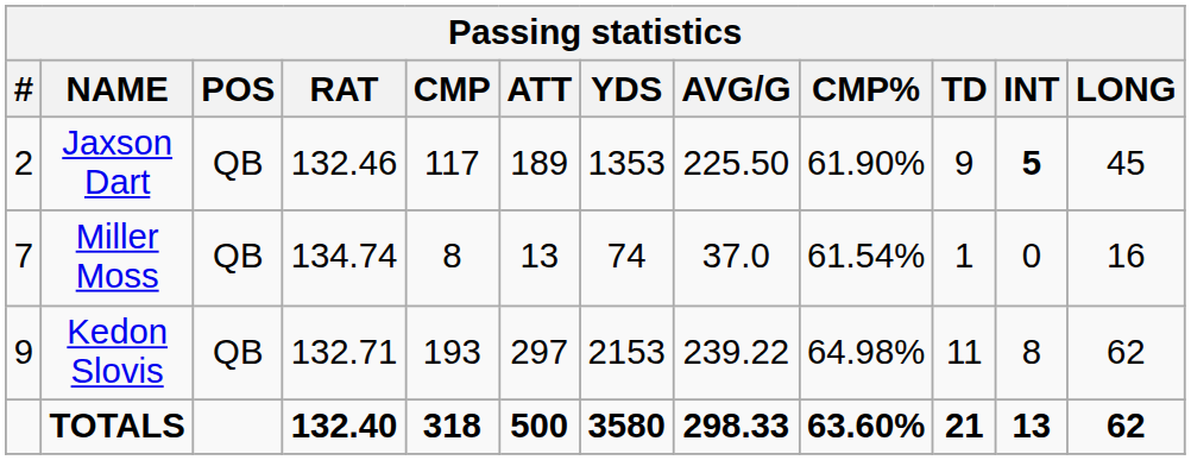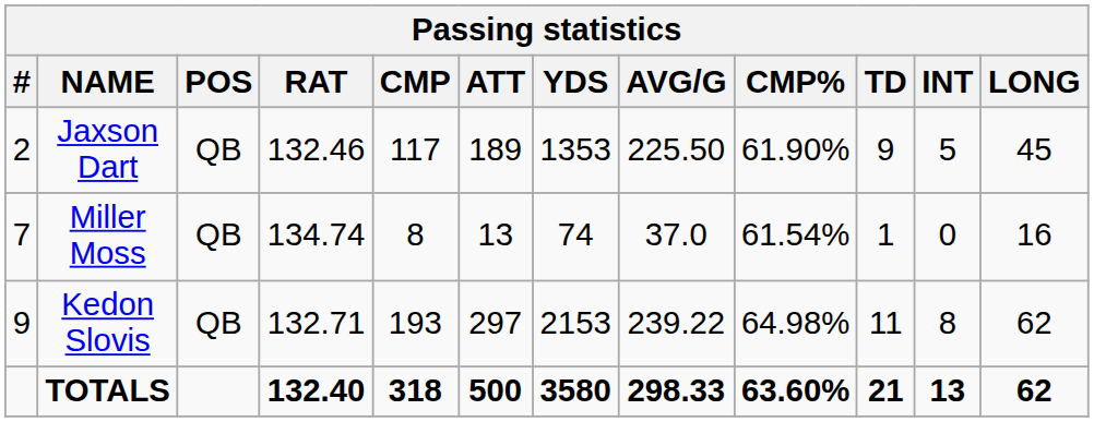 <table style="width:60%; text-align:center;" class="wikitable collapsible collapsed">
 <tr>
 <th colspan="12">Passing statistics</th>
 </tr>
 <tr>
 <th>#</th>
 <th>NAME</th>
 <th>POS</th>
 <th>RAT</th>
 <th>CMP</th>
 <th>ATT</th>
 <th>YDS</th>
 <th>AVG/G</th>
 <th>CMP%</th>
 <th>TD</th>
 <th>INT</th>
 <th>LONG</th>
 </tr>
 <tr>
 <td>2</td>
 <td><a href='#'>Jaxson Dart</a></td>
 <td>QB</td>
 <td>132.46</td>
 <td>117</td>
 <td>189</td>
 <td>1353</td>
 <td>225.50</td>
 <td>61.90%</td>
 <td>9</td>
-<td><strong>5</strong></td>
+<td>5</td>
 <td>45</td>
 </tr>
 <tr>
 <td>7</td>
 <td><a href='#'>Miller Moss</a></td>
 <td>QB</td>
 <td>134.74</td>
 <td>8</td>
 <td>13</td>
 <td>74</td>
 <td>37.0</td>
 <td>61.54%</td>
 <td>1</td>
 <td>0</td>
 <td>16</td>
 </tr>
 <tr>
 <td>9</td>
 <td><a href='#'>Kedon Slovis</a></td>
 <td>QB</td>
 <td>132.71</td>
 <td>193</td>
 <td>297</td>
 <td>2153</td>
 <td>239.22</td>
 <td>64.98%</td>
 <td>11</td>
 <td>8</td>
 <td>62</td>
 </tr>
 <tr>
 <td></td>
 <td><strong>TOTALS</strong></td>
 <td></td>
 <td><strong>132.40</strong></td>
 <td><strong>318</strong></td>
 <td><strong>500</strong></td>
 <td><strong>3580</strong></td>
 <td><strong>298.33</strong></td>
 <td><strong>63.60%</strong></td>
 <td><strong>21</strong></td>
 <td><strong>13</strong></td>
 <td><strong>62</strong></td>
 </tr>
 </table>
